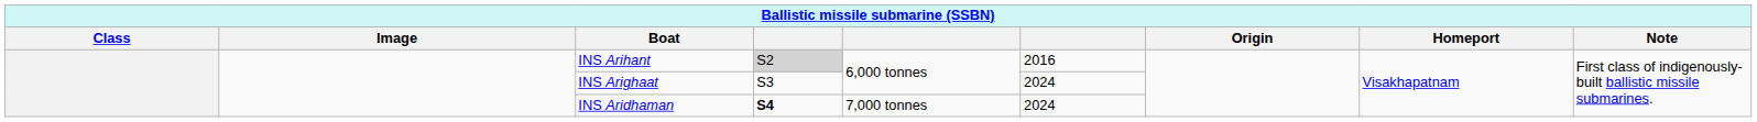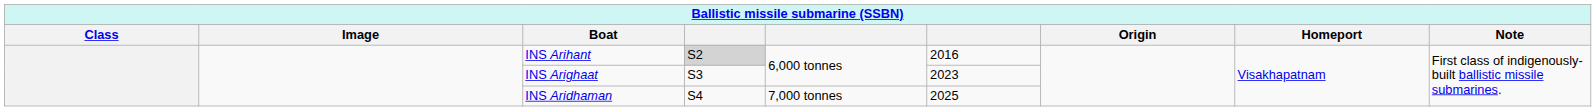 <table class="wikitable" style="margin:auto; width:100%;">
 <tr>
 <th colspan="9" style="align: center; background: #CEF6F5;"><a href='#'>Ballistic missile submarine (SSBN)</a></th>
 </tr>
 <tr>
 <th style="text-align:center; width:12%;"><a href='#'>Class</a></th>
 <th style="text-align:center; width:20%;">Image</th>
 <th style="text-align:center; width:10%;">Boat</th>
 <th style="text-align:center; width:5%;"></th>
 <th style="text-align:center; width:10%;"></th>
 <th style="text-align:center; width:7%;"></th>
 <th style="text-align:center; width:12%;">Origin</th>
 <th style="text-align:center; width:12%;">Homeport</th>
 <th style="text-align:center; width:10%;">Note</th>
 </tr>
 <tr>
 <th rowspan="3"></th>
 <td rowspan="3"></td>
 <td><a href='#'>INS <em>Arihant</em></a></td>
 <td style="background: lightgrey;">S2</td>
 <td rowspan="2">6,000 tonnes</td>
 <td>2016</td>
 <td rowspan="3"></td>
 <td rowspan="3"><a href='#'>Visakhapatnam</a></td>
 <td rowspan="3">First class of indigenously-built <a href='#'>ballistic missile submarines</a>.</td>
 </tr>
 <tr>
 <td><a href='#'>INS <em>Arighaat</em></a></td>
 <td>S3</td>
-<td>2024</td>
+<td>2023</td>
 </tr>
 <tr>
 <td><a href='#'>INS <em>Aridhaman</em></a></td>
-<td><strong>S4</strong></td>
+<td>S4</td>
 <td>7,000 tonnes</td>
-<td>2024</td>
+<td>2025</td>
 </tr>
 </table>
